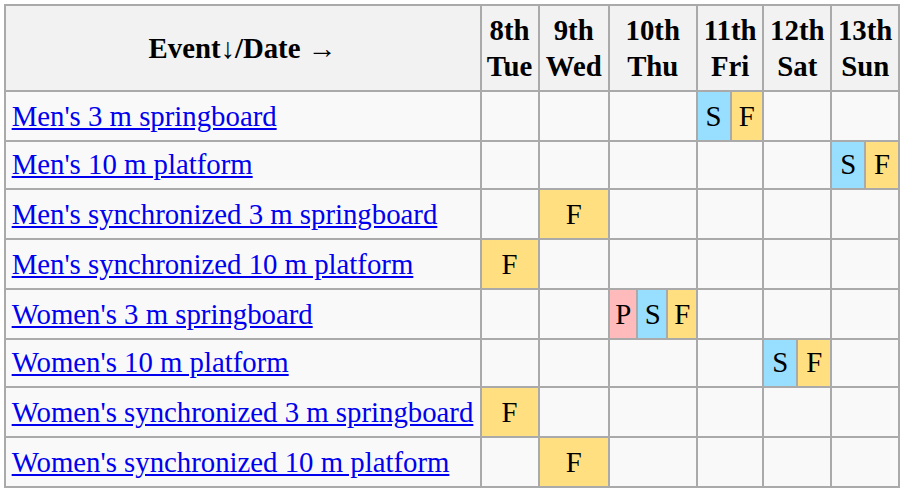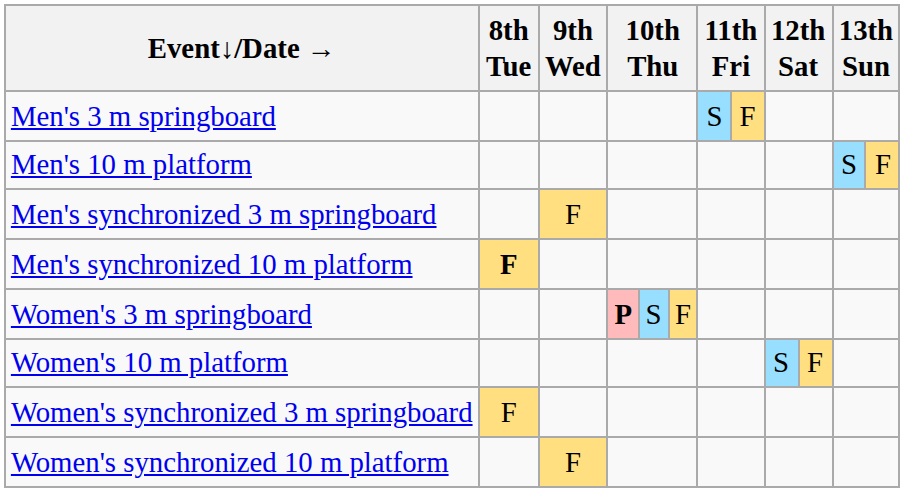 <table class="wikitable" style="margin:0.5em auto; font-size:90%; line-height:1.25em; text-align:center;">
 <tr>
 <th>Event↓/Date →</th>
 <th>8th<br>Tue</th>
 <th>9th<br>Wed</th>
 <th colspan=3>10th<br>Thu</th>
 <th colspan=2>11th<br>Fri</th>
 <th colspan=2>12th<br>Sat</th>
 <th colspan=2>13th<br>Sun</th>
 </tr>
 <tr>
 <td align="left"><a href='#'>Men's 3 m springboard</a></td>
 <td></td>
 <td></td>
 <td colspan=3></td>
 <td bgcolor="#97DEFF">S</td>
 <td bgcolor="#FFDF80">F</td>
 <td colspan=2></td>
 <td colspan=2></td>
 </tr>
 <tr>
 <td align="left"><a href='#'>Men's 10 m platform</a></td>
 <td></td>
 <td></td>
 <td colspan=3></td>
 <td colspan=2></td>
 <td colspan=2></td>
 <td bgcolor="#97DEFF">S</td>
 <td bgcolor="#FFDF80">F</td>
 </tr>
 <tr>
 <td align="left"><a href='#'>Men's synchronized 3 m springboard</a></td>
 <td></td>
 <td bgcolor="#FFDF80">F</td>
 <td colspan=3></td>
 <td colspan=2></td>
 <td colspan=2></td>
 <td colspan=2></td>
 </tr>
 <tr>
 <td align="left"><a href='#'>Men's synchronized 10 m platform</a></td>
-<td bgcolor="#FFDF80">F</td>
+<td bgcolor="#FFDF80"><strong>F</strong></td>
 <td></td>
 <td colspan=3></td>
 <td colspan=2></td>
 <td colspan=2></td>
 <td colspan=2></td>
 </tr>
 <tr>
 <td align="left"><a href='#'>Women's 3 m springboard</a></td>
 <td></td>
 <td></td>
-<td bgcolor="#FFBBBB">P</td>
+<td bgcolor="#FFBBBB"><strong>P</strong></td>
 <td bgcolor="#97DEFF">S</td>
 <td bgcolor="#FFDF80">F</td>
 <td colspan=2></td>
 <td colspan=2></td>
 <td colspan=2></td>
 </tr>
 <tr>
 <td align="left"><a href='#'>Women's 10 m platform</a></td>
 <td></td>
 <td></td>
 <td colspan=3></td>
 <td colspan=2></td>
 <td bgcolor="#97DEFF">S</td>
 <td bgcolor="#FFDF80">F</td>
 <td colspan=2></td>
 </tr>
 <tr>
 <td align="left"><a href='#'>Women's synchronized 3 m springboard</a></td>
 <td bgcolor="#FFDF80">F</td>
 <td></td>
 <td colspan=3></td>
 <td colspan=2></td>
 <td colspan=2></td>
 <td colspan=2></td>
 </tr>
 <tr>
 <td align="left"><a href='#'>Women's synchronized 10 m platform</a></td>
 <td></td>
 <td bgcolor="#FFDF80">F</td>
 <td colspan=3></td>
 <td colspan=2></td>
 <td colspan=2></td>
 <td colspan=2></td>
 </tr>
 </table>
